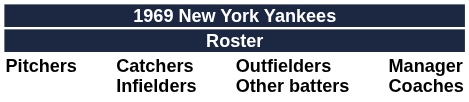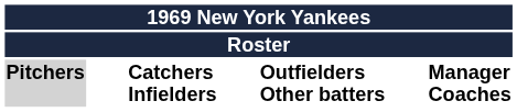 <table class="toccolours" style="font-size: 95%;">
 <tr>
 <th colspan="10" style="background-color: #1c2841; color: white; text-align: center;">1969 New York Yankees</th>
 </tr>
 <tr>
 <td colspan="10" style="background-color: #1c2841; color: white; text-align: center;"><strong>Roster</strong></td>
 </tr>
 <tr>
-<td valign="top"><strong>Pitchers</strong><br>             </td>
+<td valign="top" style="background: lightgrey;"><strong>Pitchers</strong><br>             </td>
 <td width="25px"></td>
 <td valign="top"><strong>Catchers</strong><br>    <strong>Infielders</strong>        </td>
 <td width="25px"></td>
 <td valign="top"><strong>Outfielders</strong><br>           <strong>Other batters</strong> </td>
 <td width="25px"></td>
 <td valign="top"><strong>Manager</strong><br> <strong>Coaches</strong>     </td>
 </tr>
 </table>
